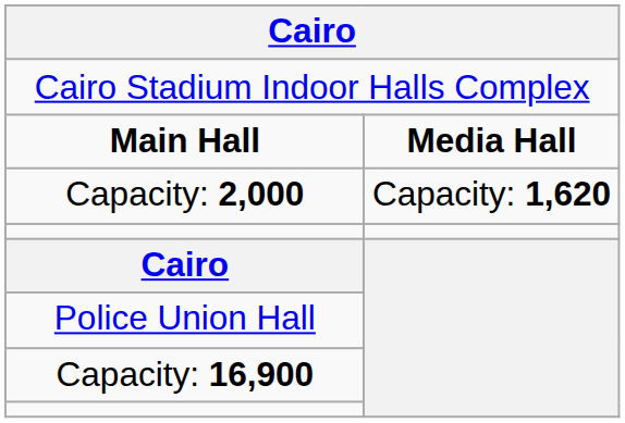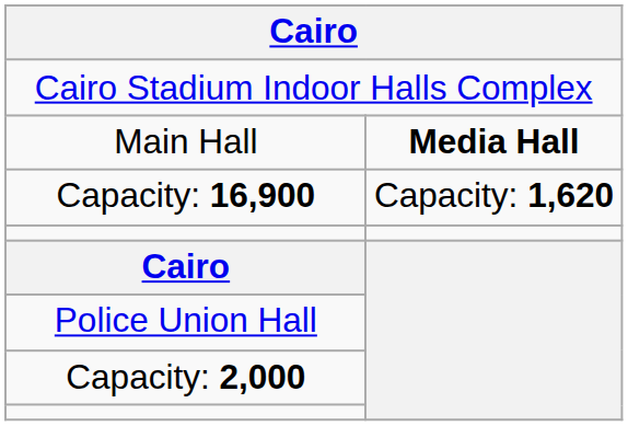 <table class="wikitable" style="text-align:center">
 <tr>
 <th colspan=2><a href='#'>Cairo</a></th>
 </tr>
 <tr>
 <td colspan=2><a href='#'>Cairo Stadium Indoor Halls Complex</a></td>
 </tr>
 <tr>
-<td><strong>Main Hall</strong></td>
+<td>Main Hall</td>
 <td><strong>Media Hall</strong></td>
 </tr>
 <tr>
-<td>Capacity: <strong>2,000</strong></td>
+<td>Capacity: <strong>16,900</strong></td>
 <td>Capacity: <strong>1,620</strong></td>
 </tr>
 <tr>
 <td></td>
 <td></td>
 </tr>
 <tr>
 <th width=160><a href='#'>Cairo</a></th>
 <th rowspan=8><br></th>
 </tr>
 <tr>
 <td><a href='#'>Police Union Hall</a></td>
 </tr>
 <tr>
-<td>Capacity: <strong>16,900</strong></td>
+<td>Capacity: <strong>2,000</strong></td>
 </tr>
 <tr>
 <td></td>
 </tr>
 </table>
